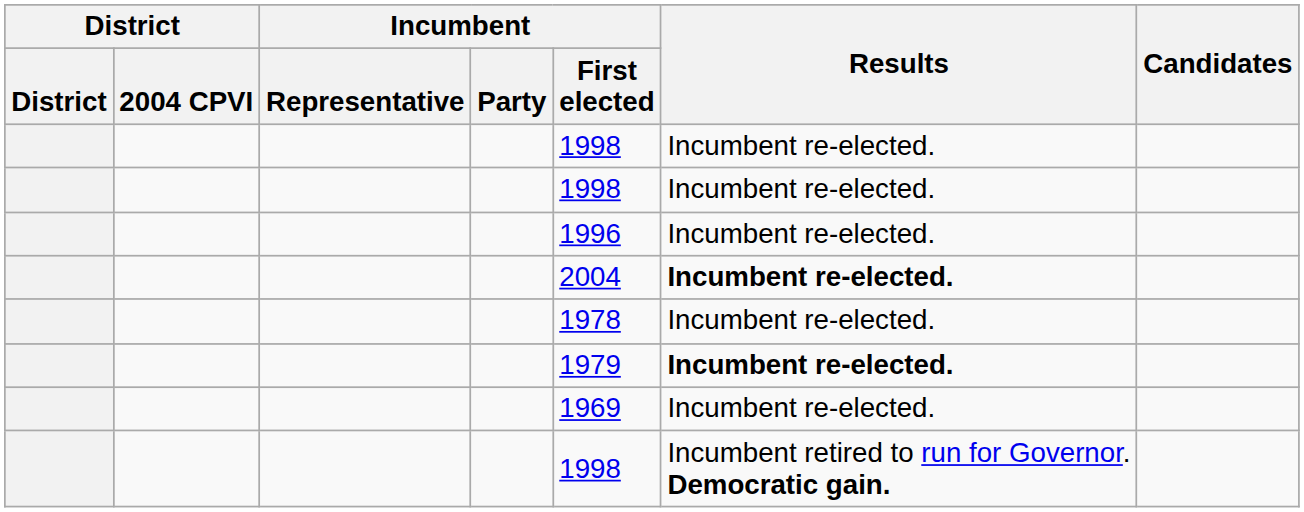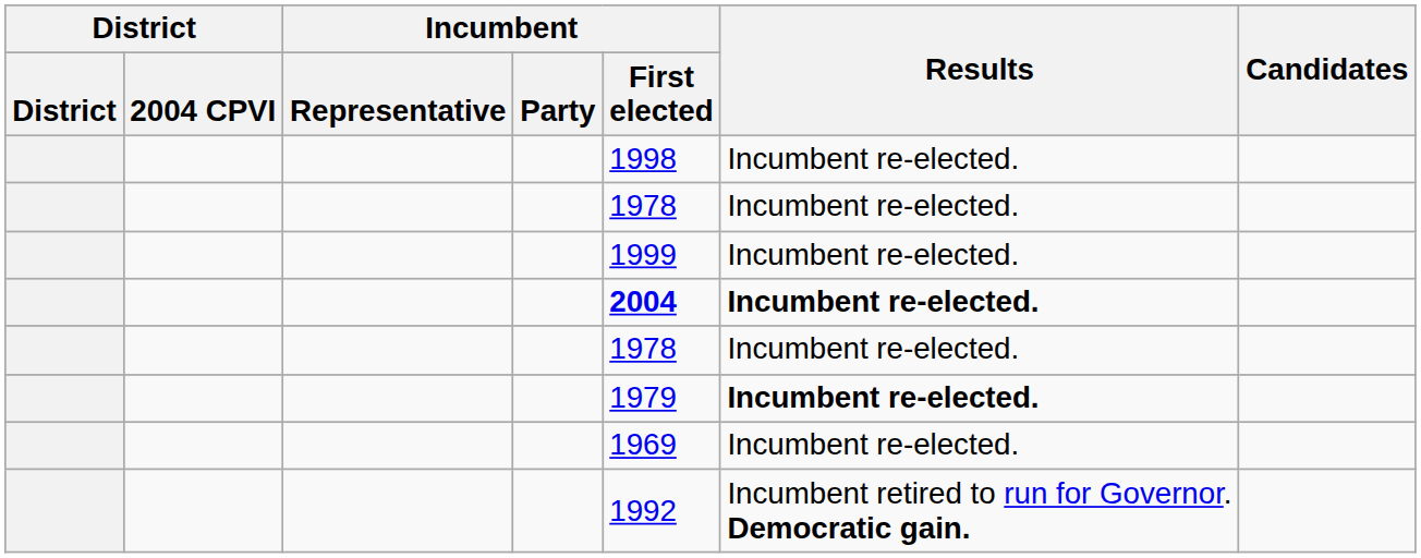 <table class="wikitable sortable">
 <tr>
 <th colspan=2>District</th>
 <th colspan=3>Incumbent</th>
 <th rowspan=2>Results</th>
 <th rowspan=2>Candidates</th>
 </tr>
 <tr valign=bottom>
 <th>District</th>
 <th>2004 CPVI</th>
 <th>Representative</th>
 <th>Party</th>
 <th>First<br>elected</th>
 </tr>
 <tr>
 <th></th>
 <td></td>
 <td></td>
 <td></td>
 <td><a href='#'>1998</a></td>
 <td>Incumbent re-elected.</td>
 <td nowrap></td>
 </tr>
 <tr>
 <th></th>
 <td></td>
 <td></td>
 <td></td>
-<td><a href='#'>1998</a></td>
+<td><a href='#'>1978</a></td>
 <td>Incumbent re-elected.</td>
 <td nowrap></td>
 </tr>
 <tr>
 <th></th>
 <td></td>
 <td></td>
 <td></td>
-<td><a href='#'>1996</a></td>
+<td><a href='#'>1999</a></td>
 <td>Incumbent re-elected.</td>
 <td nowrap></td>
 </tr>
 <tr>
 <th></th>
 <td></td>
 <td></td>
 <td></td>
-<td><a href='#'>2004</a></td>
+<td><strong><a href='#'>2004</a></strong></td>
 <td><strong>Incumbent re-elected.</strong></td>
 <td nowrap></td>
 </tr>
 <tr>
 <th></th>
 <td></td>
 <td></td>
 <td></td>
 <td><a href='#'>1978</a></td>
 <td>Incumbent re-elected.</td>
 <td nowrap></td>
 </tr>
 <tr>
 <th></th>
 <td></td>
 <td></td>
 <td></td>
 <td><a href='#'>1979</a></td>
 <td><strong>Incumbent re-elected.</strong></td>
 <td nowrap></td>
 </tr>
 <tr>
 <th></th>
 <td></td>
 <td></td>
 <td></td>
 <td><a href='#'>1969</a></td>
 <td>Incumbent re-elected.</td>
 <td nowrap></td>
 </tr>
 <tr>
 <th></th>
 <td></td>
 <td></td>
 <td></td>
-<td><a href='#'>1998</a></td>
+<td><a href='#'>1992</a></td>
 <td>Incumbent retired to <a href='#'>run for Governor</a>.<br><strong>Democratic gain.</strong></td>
 <td nowrap></td>
 </tr>
 </table>
